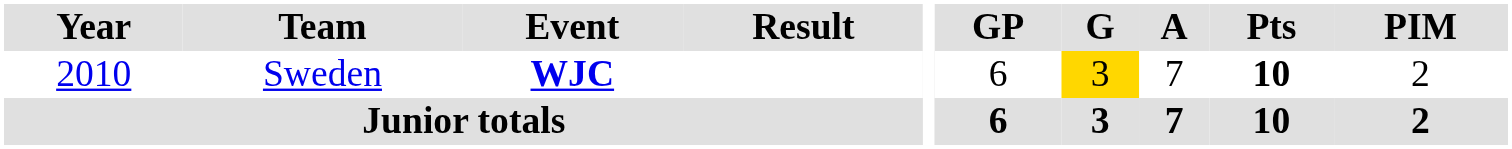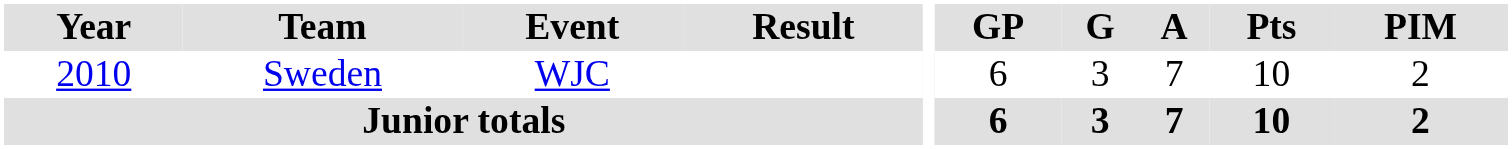 <table border="0" cellpadding="1" cellspacing="0" ID="Table3" style="text-align:center; width:40em">
 <tr ALIGN="center" bgcolor="#e0e0e0">
 <th>Year</th>
 <th>Team</th>
 <th>Event</th>
 <th>Result</th>
 <th rowspan="99" bgcolor="#ffffff"></th>
 <th>GP</th>
 <th>G</th>
 <th>A</th>
 <th>Pts</th>
 <th>PIM</th>
 </tr>
 <tr>
 <td><a href='#'>2010</a></td>
 <td><a href='#'>Sweden</a></td>
-<td><strong><a href='#'>WJC</a></strong></td>
+<td><a href='#'>WJC</a></td>
 <td></td>
 <td>6</td>
-<td style="background: gold;">3</td>
+<td>3</td>
 <td>7</td>
-<td><strong>10</strong></td>
+<td>10</td>
 <td>2</td>
 </tr>
 <tr bgcolor="#e0e0e0">
 <th colspan="4">Junior totals</th>
 <th>6</th>
 <th>3</th>
 <th>7</th>
 <th>10</th>
 <th>2</th>
 </tr>
 </table>
